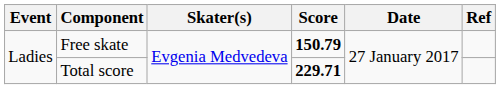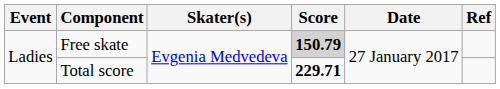 <table class="wikitable sortable">
 <tr>
 <th>Event</th>
 <th>Component</th>
 <th>Skater(s)</th>
 <th>Score</th>
 <th>Date</th>
 <th>Ref</th>
 </tr>
 <tr>
 <td rowspan=2>Ladies</td>
 <td>Free skate</td>
 <td rowspan=2> <a href='#'>Evgenia Medvedeva</a></td>
-<td><strong>150.79</strong></td>
+<td style="background: lightgrey;"><strong>150.79</strong></td>
 <td rowspan=2>27 January 2017</td>
 <td></td>
 </tr>
 <tr>
 <td>Total score</td>
 <td><strong>229.71</strong></td>
 <td></td>
 </tr>
 </table>
